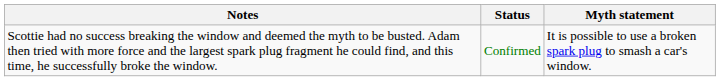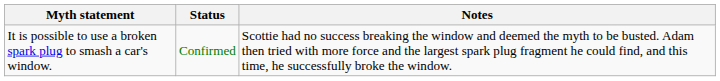 <table class="wikitable plainrowheaders">
 <tr>
+<th>Myth statement</th>
+<th>Status</th>
 <th>Notes</th>
-<th>Status</th>
-<th>Myth statement</th>
 </tr>
 <tr>
+<td>It is possible to use a broken <a href='#'>spark plug</a> to smash a car's window.</td>
+<td style="color:green">Confirmed</td>
 <td>Scottie had no success breaking the window and deemed the myth to be busted. Adam then tried with more force and the largest spark plug fragment he could find, and this time, he successfully broke the window.</td>
-<td style="color:green">Confirmed</td>
-<td>It is possible to use a broken <a href='#'>spark plug</a> to smash a car's window.</td>
 </tr>
 </table>
